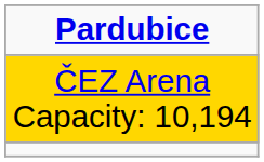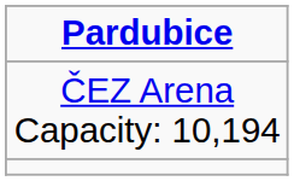 <table class="wikitable" style="text-align:center;">
 <tr>
 <td><strong><a href='#'>Pardubice</a></strong></td>
 </tr>
 <tr>
-<td style="background: gold;"><a href='#'>ČEZ Arena</a><br>Capacity: 10,194</td>
+<td><a href='#'>ČEZ Arena</a><br>Capacity: 10,194</td>
 </tr>
 <tr>
 <td></td>
 </tr>
 </table>
